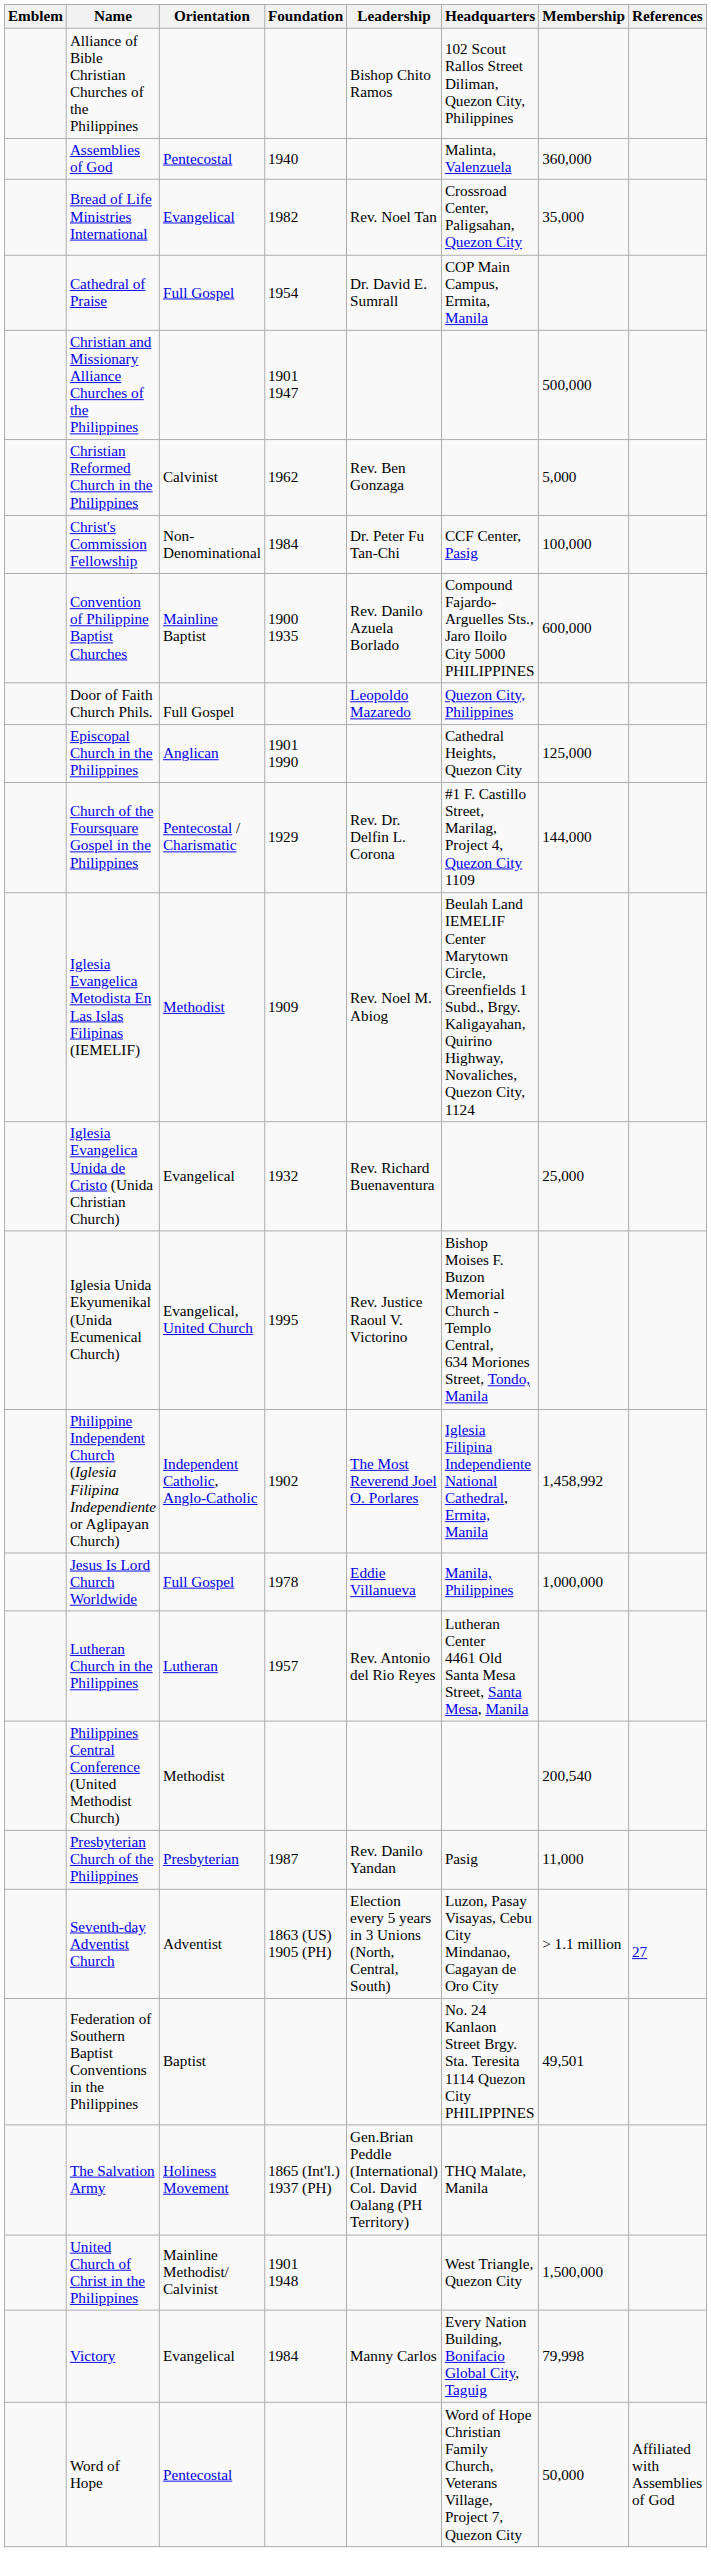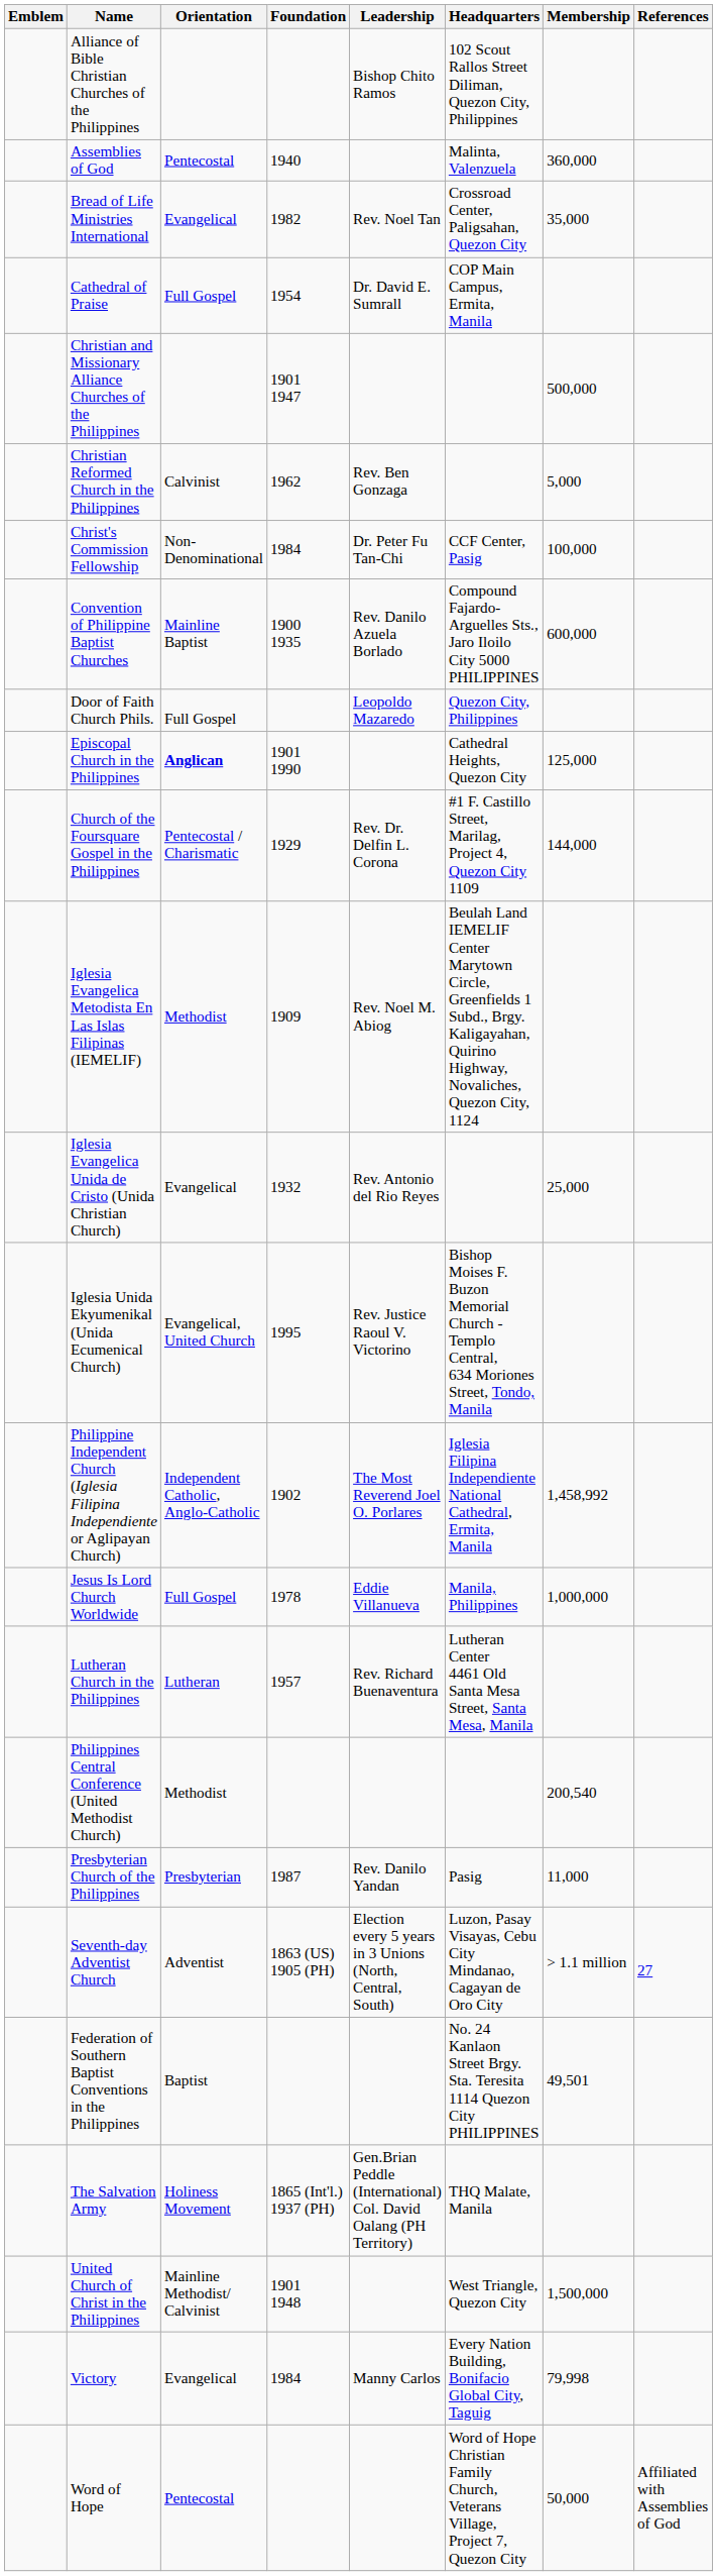 <table class="wikitable sortable">
 <tr>
 <th>Emblem</th>
 <th>Name</th>
 <th>Orientation</th>
 <th>Foundation</th>
 <th>Leadership</th>
 <th>Headquarters</th>
 <th>Membership</th>
 <th>References</th>
 </tr>
 <tr>
 <td></td>
 <td>Alliance of Bible Christian Churches of the Philippines</td>
 <td></td>
 <td></td>
 <td>Bishop Chito Ramos</td>
 <td>102 Scout Rallos Street<br>Diliman, Quezon City, Philippines</td>
 <td></td>
 <td></td>
 </tr>
 <tr>
 <td></td>
 <td><a href='#'>Assemblies of God</a></td>
 <td><a href='#'>Pentecostal</a></td>
 <td>1940</td>
 <td></td>
 <td>Malinta, <a href='#'>Valenzuela</a></td>
 <td>360,000</td>
 <td></td>
 </tr>
 <tr>
 <td></td>
 <td><a href='#'>Bread of Life Ministries International</a></td>
 <td><a href='#'>Evangelical</a></td>
 <td>1982</td>
 <td>Rev. Noel Tan</td>
 <td>Crossroad Center, Paligsahan, <a href='#'>Quezon City</a></td>
 <td>35,000</td>
 <td></td>
 </tr>
 <tr>
 <td></td>
 <td><a href='#'>Cathedral of Praise</a></td>
 <td><a href='#'>Full Gospel</a></td>
 <td>1954</td>
 <td>Dr. David E. Sumrall</td>
 <td>COP Main Campus, Ermita, <a href='#'>Manila</a></td>
 <td></td>
 <td></td>
 </tr>
 <tr>
 <td></td>
 <td><a href='#'>Christian and Missionary Alliance Churches of the Philippines</a></td>
 <td></td>
 <td>1901  <br> 1947 </td>
 <td></td>
 <td></td>
 <td>500,000</td>
 <td></td>
 </tr>
 <tr>
 <td></td>
 <td><a href='#'>Christian Reformed Church in the Philippines</a></td>
 <td>Calvinist</td>
 <td>1962</td>
 <td>Rev. Ben Gonzaga</td>
 <td></td>
 <td>5,000</td>
 <td></td>
 </tr>
 <tr>
 <td></td>
 <td><a href='#'>Christ's Commission Fellowship</a></td>
 <td>Non-Denominational</td>
 <td>1984</td>
 <td>Dr. Peter Fu Tan-Chi</td>
 <td>CCF Center, <a href='#'>Pasig</a></td>
 <td>100,000</td>
 <td></td>
 </tr>
 <tr>
 <td></td>
 <td><a href='#'>Convention of Philippine Baptist Churches</a></td>
 <td><a href='#'>Mainline</a> Baptist</td>
 <td>1900  <br> 1935 </td>
 <td>Rev. Danilo Azuela Borlado</td>
 <td>Compound Fajardo-Arguelles Sts., Jaro Iloilo City 5000 PHILIPPINES</td>
 <td>600,000</td>
 <td></td>
 </tr>
 <tr>
 <td></td>
 <td>Door of Faith<br>Church Phils.</td>
 <td><br>Full Gospel</td>
 <td></td>
 <td><a href='#'>Leopoldo Mazaredo</a></td>
 <td><a href='#'>Quezon City, Philippines</a></td>
 <td></td>
 <td></td>
 </tr>
 <tr>
 <td></td>
 <td><a href='#'>Episcopal Church in the Philippines</a></td>
-<td><a href='#'>Anglican</a></td>
+<td><strong><a href='#'>Anglican</a></strong></td>
 <td>1901  <br> 1990 </td>
 <td></td>
 <td>Cathedral Heights, Quezon City</td>
 <td>125,000</td>
 <td></td>
 </tr>
 <tr>
 <td></td>
 <td><a href='#'>Church of the Foursquare Gospel in the Philippines</a></td>
 <td><a href='#'>Pentecostal</a> / <a href='#'>Charismatic</a></td>
 <td>1929</td>
 <td>Rev. Dr. Delfin L. Corona</td>
 <td>#1 F. Castillo Street, Marilag, Project 4, <a href='#'>Quezon City</a> 1109</td>
 <td>144,000</td>
 <td></td>
 </tr>
 <tr>
 <td></td>
 <td><a href='#'>Iglesia Evangelica Metodista En Las Islas Filipinas</a> (IEMELIF)</td>
 <td><a href='#'>Methodist</a></td>
 <td>1909</td>
 <td>Rev. Noel M. Abiog</td>
 <td>Beulah Land IEMELIF Center Marytown Circle, Greenfields 1 Subd., Brgy. Kaligayahan, Quirino Highway, Novaliches, Quezon City, 1124</td>
 <td></td>
 <td></td>
 </tr>
 <tr>
 <td></td>
 <td><a href='#'>Iglesia Evangelica Unida de Cristo</a> (Unida Christian Church)</td>
 <td>Evangelical</td>
 <td>1932</td>
-<td>Rev. Richard Buenaventura</td>
+<td>Rev. Antonio del Rio Reyes</td>
 <td></td>
 <td>25,000</td>
 <td></td>
 </tr>
 <tr>
 <td></td>
 <td>Iglesia Unida Ekyumenikal (Unida Ecumenical Church)</td>
 <td>Evangelical, <a href='#'>United Church</a></td>
 <td>1995</td>
 <td>Rev. Justice Raoul V. Victorino</td>
 <td>Bishop Moises F. Buzon Memorial Church - Templo Central, <br> 634 Moriones Street, <a href='#'>Tondo, Manila</a></td>
 <td></td>
 <td></td>
 </tr>
 <tr>
 <td></td>
 <td><a href='#'>Philippine Independent Church</a> (<em>Iglesia Filipina Independiente</em> or Aglipayan Church)</td>
 <td><a href='#'>Independent Catholic</a>, <a href='#'>Anglo-Catholic</a></td>
 <td>1902</td>
 <td><a href='#'>The Most Reverend Joel O. Porlares</a></td>
 <td><a href='#'>Iglesia Filipina Independiente National Cathedral</a>, <br> <a href='#'>Ermita, Manila</a></td>
 <td>1,458,992 <br> </td>
 <td></td>
 </tr>
 <tr>
 <td></td>
 <td><a href='#'>Jesus Is Lord Church Worldwide</a></td>
 <td><a href='#'>Full Gospel</a></td>
 <td>1978</td>
 <td><a href='#'>Eddie Villanueva</a></td>
 <td><a href='#'>Manila, Philippines</a></td>
 <td>1,000,000</td>
 <td></td>
 </tr>
 <tr>
 <td></td>
 <td><a href='#'>Lutheran Church in the Philippines</a></td>
 <td><a href='#'>Lutheran</a></td>
 <td>1957</td>
-<td>Rev. Antonio del Rio Reyes</td>
+<td>Rev. Richard Buenaventura</td>
 <td>Lutheran Center<br>4461 Old Santa Mesa Street, <a href='#'>Santa Mesa</a>, <a href='#'>Manila</a></td>
 <td></td>
 <td></td>
 </tr>
 <tr>
 <td></td>
 <td><a href='#'>Philippines Central Conference</a> (United Methodist Church)</td>
 <td>Methodist</td>
 <td></td>
 <td></td>
 <td></td>
 <td>200,540</td>
 <td></td>
 </tr>
 <tr>
 <td></td>
 <td><a href='#'>Presbyterian Church of the Philippines</a></td>
 <td><a href='#'>Presbyterian</a></td>
 <td>1987</td>
 <td>Rev. Danilo Yandan</td>
 <td>Pasig</td>
 <td>11,000</td>
 <td></td>
 </tr>
 <tr>
 <td></td>
 <td><a href='#'>Seventh-day Adventist Church</a></td>
 <td>Adventist</td>
 <td>1863 (US) <br> 1905 (PH)</td>
 <td>Election every 5 years in 3 Unions (North, Central, South)</td>
 <td>Luzon, Pasay<br>Visayas, Cebu City Mindanao, Cagayan de Oro City</td>
 <td>> 1.1 million</td>
 <td><br><a href='#'>27</a><br></td>
 </tr>
 <tr>
 <td></td>
 <td>Federation of Southern Baptist Conventions in the Philippines</td>
 <td>Baptist</td>
 <td></td>
 <td></td>
 <td>No. 24 Kanlaon Street Brgy. Sta. Teresita 1114 Quezon City PHILIPPINES</td>
 <td>49,501</td>
 <td></td>
 </tr>
 <tr>
 <td></td>
 <td><a href='#'>The Salvation Army</a></td>
 <td><a href='#'>Holiness Movement</a></td>
 <td>1865 (Int'l.) <br> 1937 (PH)</td>
 <td>Gen.Brian Peddle (International) <br> Col. David Oalang (PH Territory)</td>
 <td>THQ Malate, Manila</td>
 <td></td>
 <td></td>
 </tr>
 <tr>
 <td></td>
 <td><a href='#'>United Church of Christ in the Philippines</a></td>
 <td>Mainline Methodist/<br>Calvinist</td>
 <td>1901  <br> 1948 </td>
 <td></td>
 <td>West Triangle, Quezon City</td>
 <td>1,500,000</td>
 <td></td>
 </tr>
 <tr>
 <td></td>
 <td><a href='#'>Victory</a></td>
 <td>Evangelical</td>
 <td>1984</td>
 <td>Manny Carlos</td>
 <td>Every Nation Building, <a href='#'>Bonifacio Global City</a>, <a href='#'>Taguig</a></td>
 <td>79,998</td>
 <td></td>
 </tr>
 <tr>
 <td></td>
 <td>Word of Hope</td>
 <td><a href='#'>Pentecostal</a></td>
 <td></td>
 <td></td>
 <td>Word of Hope Christian Family Church, Veterans Village, Project 7, Quezon City</td>
 <td>50,000</td>
 <td>Affiliated with Assemblies of God</td>
 </tr>
 </table>
